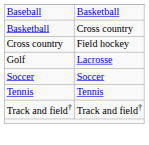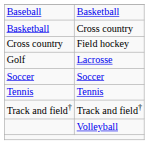 <table class="wikitable" style=" ">
 <tr>
 </tr>
 <tr>
 <td><a href='#'>Baseball</a></td>
 <td><a href='#'>Basketball</a></td>
 </tr>
 <tr>
 <td><a href='#'>Basketball</a></td>
 <td>Cross country</td>
 </tr>
 <tr>
 <td>Cross country</td>
 <td>Field hockey</td>
 </tr>
 <tr>
 <td>Golf</td>
 <td><a href='#'>Lacrosse</a></td>
 </tr>
 <tr>
 <td><a href='#'>Soccer</a></td>
 <td><a href='#'>Soccer</a></td>
 </tr>
 <tr>
 <td><a href='#'>Tennis</a></td>
 <td><a href='#'>Tennis</a></td>
 </tr>
 <tr>
 <td>Track and field<sup>†</sup></td>
 <td>Track and field<sup>†</sup></td>
 </tr>
 <tr>
+<td></td>
+<td><a href='#'>Volleyball</a></td>
+</tr>
+<tr>
 <td colspan="2"></td>
 </tr>
 </table>
